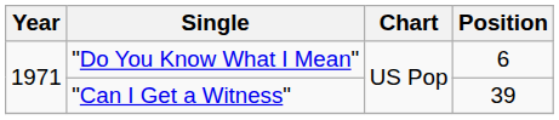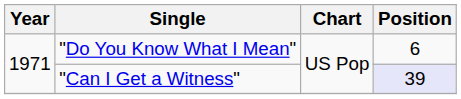 <table class="wikitable">
 <tr>
 <th>Year</th>
 <th>Single</th>
 <th>Chart</th>
 <th>Position</th>
 </tr>
 <tr>
 <td rowspan="2">1971</td>
 <td rowspan="1">"<a href='#'>Do You Know What I Mean</a>"</td>
 <td rowspan="2">US Pop</td>
 <td align="center">6</td>
 </tr>
 <tr>
 <td rowspan="1">"<a href='#'>Can I Get a Witness</a>"</td>
-<td align="center">39</td>
+<td align="center" style="background: lavender;">39</td>
 </tr>
 <tr>
 </tr>
 </table>
